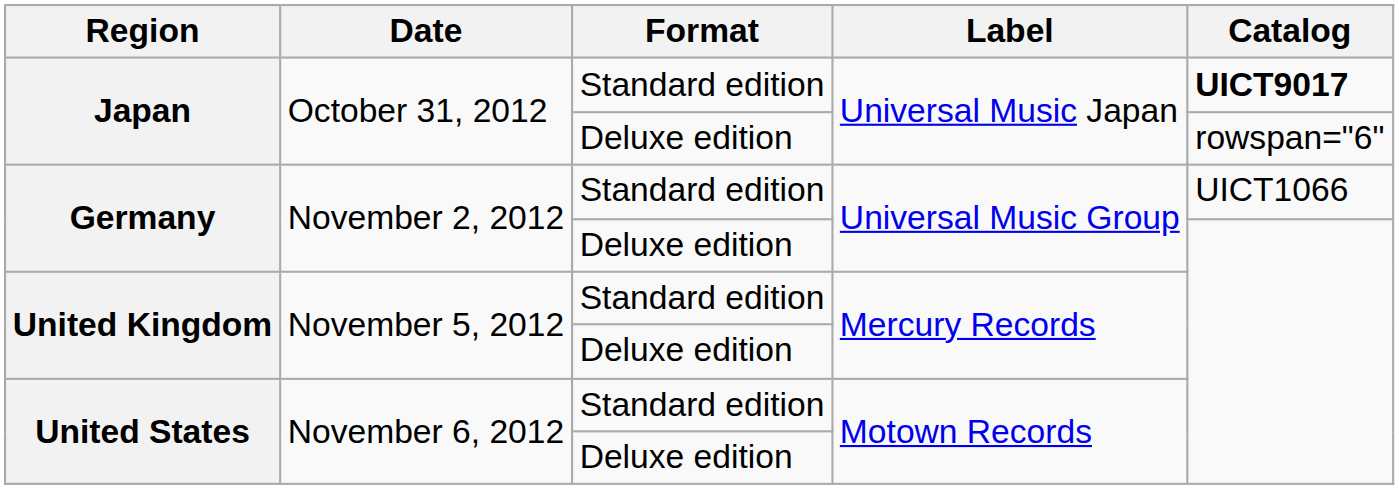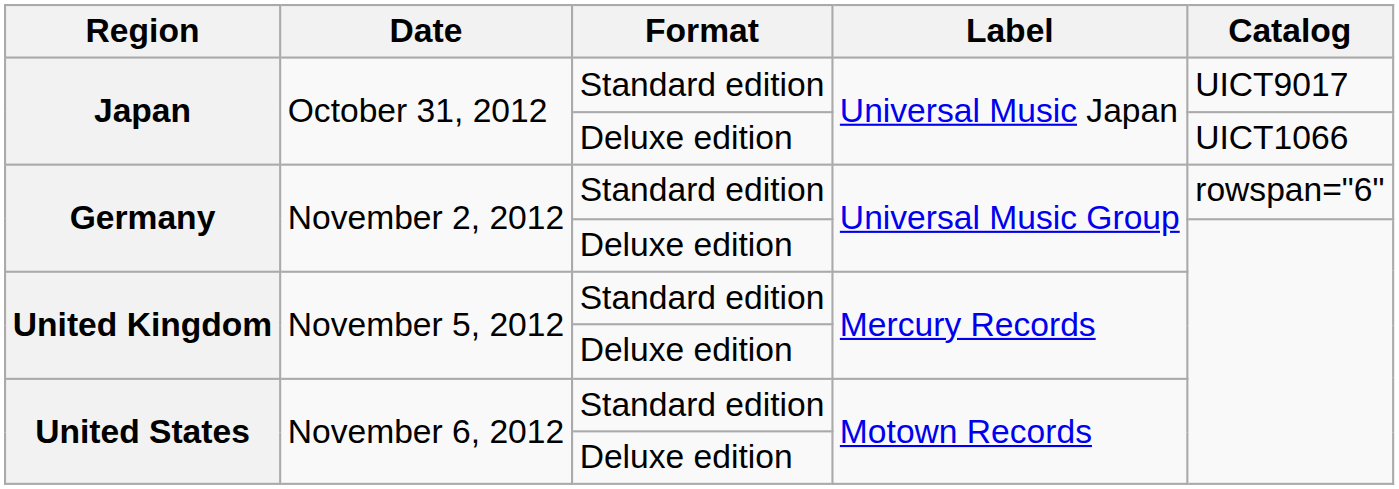 <table class="wikitable plainrowheaders">
 <tr>
 <th scope="col">Region</th>
 <th>Date</th>
 <th>Format</th>
 <th>Label</th>
 <th>Catalog</th>
 </tr>
 <tr>
 <th scope="row" rowspan="2">Japan</th>
 <td rowspan="2">October 31, 2012</td>
 <td>Standard edition</td>
 <td rowspan="2"><a href='#'>Universal Music</a> Japan</td>
-<td><strong>UICT9017</strong></td>
+<td>UICT9017</td>
 </tr>
 <tr>
 <td>Deluxe edition</td>
-<td>rowspan="6" </td>
+<td>UICT1066</td>
 </tr>
 <tr>
 <th scope="row" rowspan="2">Germany</th>
 <td rowspan="2">November 2, 2012</td>
 <td>Standard edition</td>
 <td rowspan="2"><a href='#'>Universal Music Group</a></td>
-<td>UICT1066</td>
+<td>rowspan="6" </td>
 </tr>
 <tr>
 <td>Deluxe edition</td>
 </tr>
 <tr>
 <th scope="row" rowspan="2">United Kingdom</th>
 <td rowspan="2">November 5, 2012</td>
 <td>Standard edition</td>
 <td rowspan="2"><a href='#'>Mercury Records</a></td>
 </tr>
 <tr>
 <td>Deluxe edition</td>
 </tr>
 <tr>
 <th scope="row" rowspan="2">United States</th>
 <td rowspan="2">November 6, 2012</td>
 <td>Standard edition</td>
 <td rowspan="2"><a href='#'>Motown Records</a></td>
 </tr>
 <tr>
 <td>Deluxe edition</td>
 </tr>
 </table>
